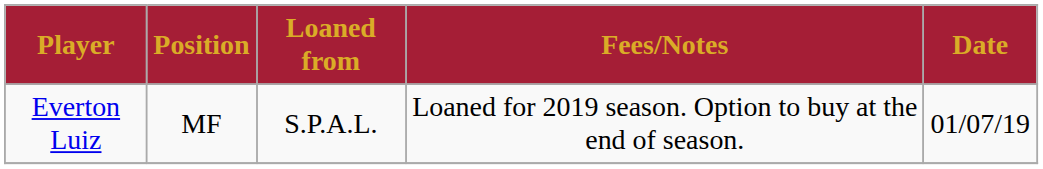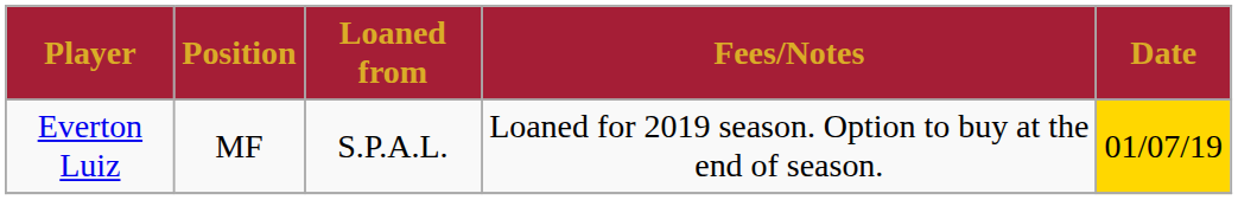 <table class="wikitable sortable" style="width:90%; text-align:center; font-size:95%;">
 <tr>
 <th style="background:#A51E36; color:#DAAC27; text-align:center;"><strong>Player </strong></th>
 <th style="background:#A51E36; color:#DAAC27; text-align:center;"><strong>Position </strong></th>
 <th style="background:#A51E36; color:#DAAC27; text-align:center;"><strong>Loaned from</strong></th>
 <th style="background:#A51E36; color:#DAAC27; text-align:center;"><strong>Fees/Notes </strong></th>
 <th style="background:#A51E36; color:#DAAC27; text-align:center;"><strong>Date</strong></th>
 </tr>
 <tr>
 <td> <a href='#'>Everton Luiz</a></td>
 <td>MF</td>
 <td> S.P.A.L.</td>
 <td>Loaned for 2019 season. Option to buy at the end of season.</td>
-<td>01/07/19</td>
+<td style="background: gold;">01/07/19</td>
 </tr>
 <tr>
 </tr>
 </table>
